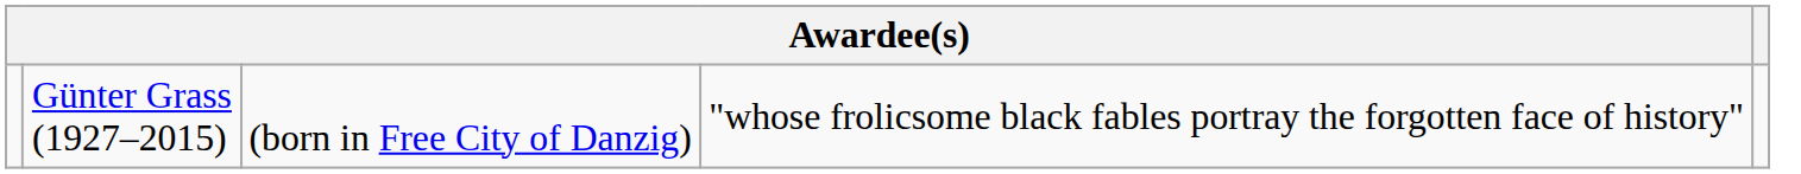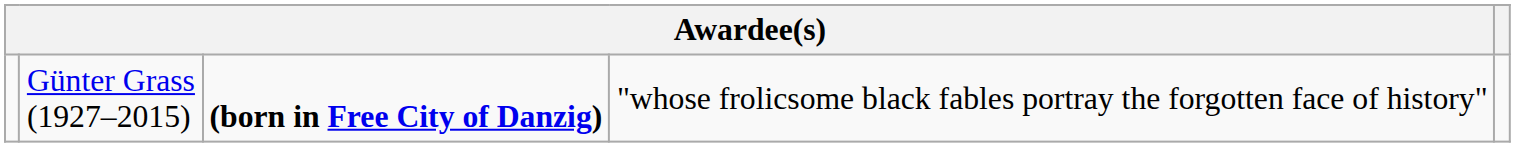 <table class="wikitable">
 <tr>
 <th colspan="4">Awardee(s)</th>
 <th></th>
 </tr>
 <tr>
 <td></td>
 <td><a href='#'>Günter Grass</a><br>(1927–2015)</td>
-<td><br>(born in <a href='#'>Free City of Danzig</a>)</td>
+<td><strong><br>(born in <a href='#'>Free City of Danzig</a>)</strong></td>
 <td>"whose frolicsome black fables portray the forgotten face of history"</td>
 <td></td>
 </tr>
 </table>
